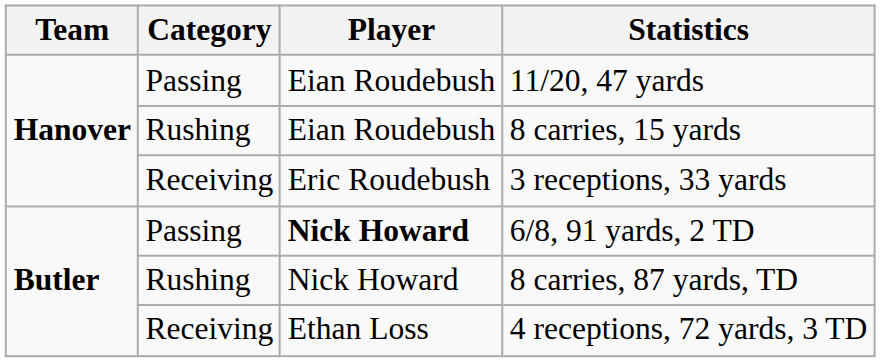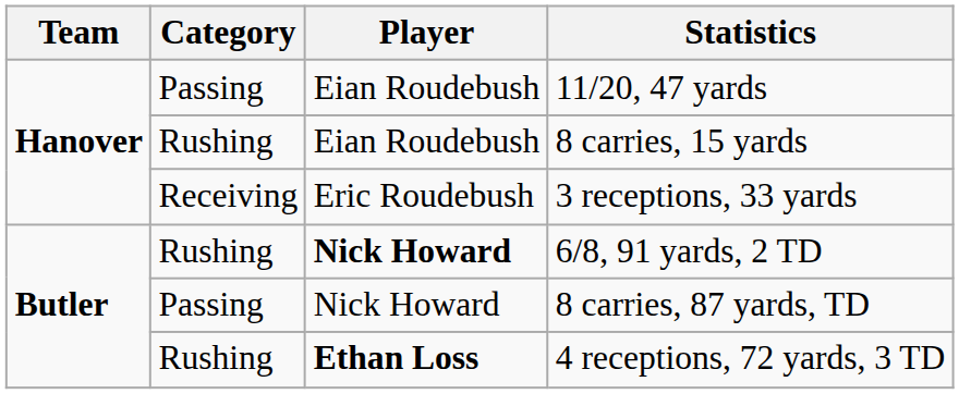 <table class="wikitable" style="float: right;">
 <tr>
 <th>Team</th>
 <th>Category</th>
 <th>Player</th>
 <th>Statistics</th>
 </tr>
 <tr>
 <td rowspan=3><strong>Hanover</strong></td>
 <td>Passing</td>
 <td>Eian Roudebush</td>
 <td>11/20, 47 yards</td>
 </tr>
 <tr>
 <td>Rushing</td>
 <td>Eian Roudebush</td>
 <td>8 carries, 15 yards</td>
 </tr>
 <tr>
 <td>Receiving</td>
 <td>Eric Roudebush</td>
 <td>3 receptions, 33 yards</td>
 </tr>
 <tr>
 <td rowspan=3><strong>Butler</strong></td>
-<td>Passing</td>
+<td>Rushing</td>
 <td><strong>Nick Howard</strong></td>
 <td>6/8, 91 yards, 2 TD</td>
 </tr>
 <tr>
-<td>Rushing</td>
+<td>Passing</td>
 <td>Nick Howard</td>
 <td>8 carries, 87 yards, TD</td>
 </tr>
 <tr>
-<td>Receiving</td>
-<td>Ethan Loss</td>
+<td>Rushing</td>
+<td><strong>Ethan Loss</strong></td>
 <td>4 receptions, 72 yards, 3 TD</td>
 </tr>
 </table>
